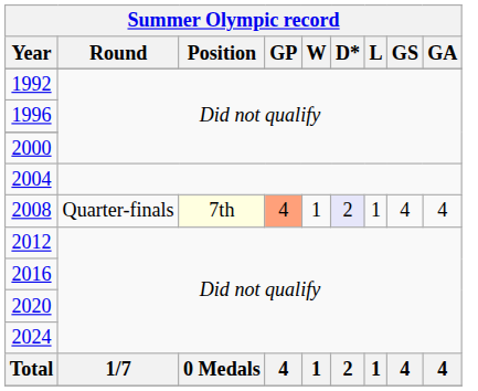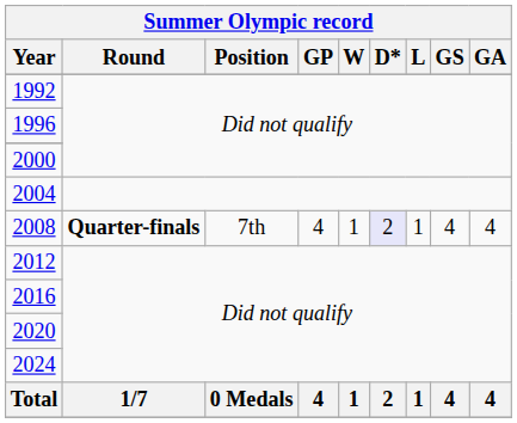 <table class="wikitable" style="text-align: center;">
 <tr>
 <th colspan=10><a href='#'>Summer Olympic record</a></th>
 </tr>
 <tr>
 <th>Year</th>
 <th>Round</th>
 <th>Position</th>
 <th>GP</th>
 <th>W</th>
 <th>D*</th>
 <th>L</th>
 <th>GS</th>
 <th>GA</th>
 </tr>
 <tr>
 </tr>
 <tr>
 <td> <a href='#'>1992</a></td>
 <td colspan="10" rowspan="4"><em>Did not qualify</em></td>
 </tr>
 <tr>
 <td> <a href='#'>1996</a></td>
 </tr>
 <tr>
 </tr>
 <tr>
 <td> <a href='#'>2000</a></td>
 </tr>
 <tr>
 <td> <a href='#'>2004</a></td>
 </tr>
 <tr>
 <td> <a href='#'>2008</a></td>
-<td>Quarter-finals</td>
-<td style="background: lightyellow;">7th</td>
-<td style="background: lightsalmon;">4</td>
+<td><strong>Quarter-finals</strong></td>
+<td>7th</td>
+<td>4</td>
 <td>1</td>
 <td style="background: lavender;">2</td>
 <td>1</td>
 <td>4</td>
 <td>4</td>
 </tr>
 <tr>
 <td> <a href='#'>2012</a></td>
 <td colspan="10" rowspan="4"><em>Did not qualify</em></td>
 </tr>
 <tr>
 <td> <a href='#'>2016</a></td>
 </tr>
 <tr>
 <td> <a href='#'>2020</a></td>
 </tr>
 <tr>
 <td> <a href='#'>2024</a></td>
 </tr>
 <tr>
 <th><strong>Total</strong></th>
 <th>1/7</th>
 <th>0 Medals</th>
 <th>4</th>
 <th>1</th>
 <th>2</th>
 <th>1</th>
 <th>4</th>
 <th>4</th>
 </tr>
 <tr>
 </tr>
 </table>
